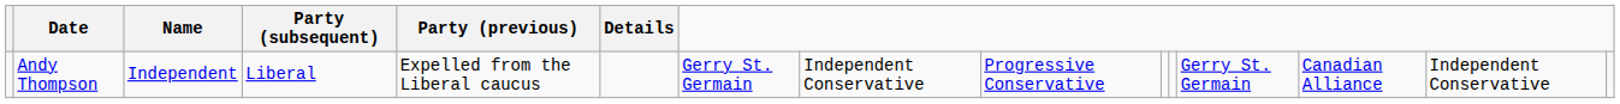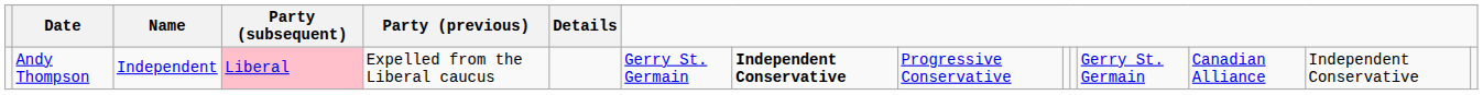 <table class="sortable wikitable">
 <tr>
 <th class="unsortable"></th>
 <th>Date</th>
 <th>Name</th>
 <th>Party (subsequent)</th>
 <th>Party (previous)</th>
 <th>Details</th>
 </tr>
 <tr>
 <td></td>
 <td><a href='#'>Andy Thompson</a></td>
 <td><a href='#'>Independent</a></td>
-<td><a href='#'>Liberal</a></td>
+<td style="background: pink;"><a href='#'>Liberal</a></td>
 <td>Expelled from the Liberal caucus<br></td>
 <td></td>
 <td><a href='#'>Gerry St. Germain</a></td>
-<td>Independent Conservative</td>
+<td><strong>Independent Conservative</strong></td>
 <td><a href='#'>Progressive Conservative</a></td>
 <td><br></td>
 <td></td>
 <td><a href='#'>Gerry St. Germain</a></td>
 <td><a href='#'>Canadian Alliance</a></td>
 <td>Independent Conservative</td>
 <td></td>
 </tr>
 </table>
